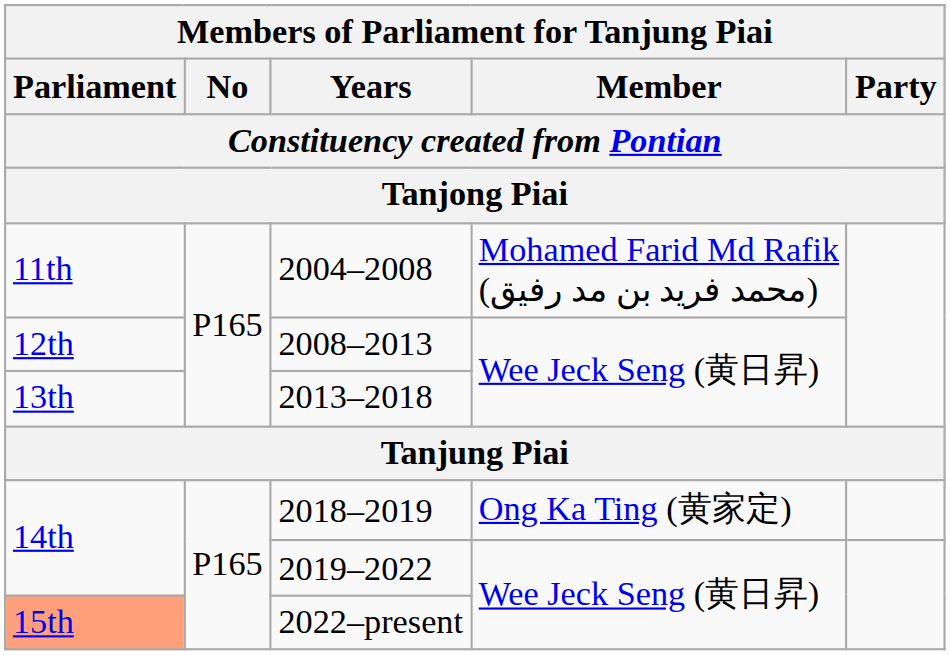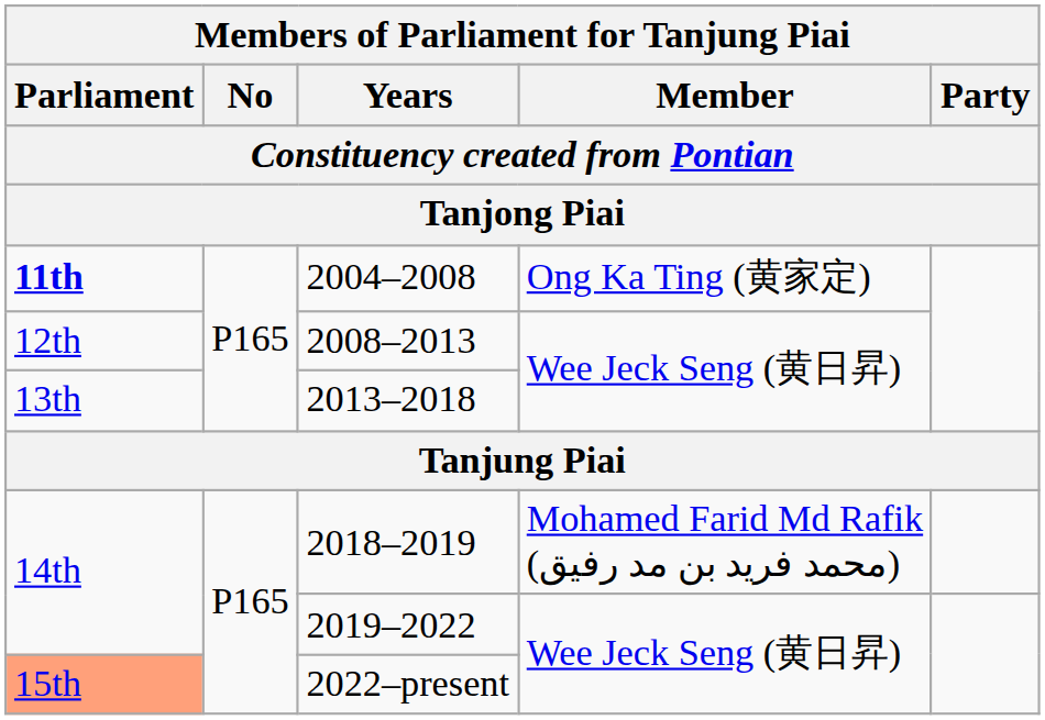 <table class=wikitable>
 <tr>
 <th colspan="5">Members of Parliament for Tanjung Piai</th>
 </tr>
 <tr>
 <th>Parliament</th>
 <th>No</th>
 <th>Years</th>
 <th>Member</th>
 <th>Party</th>
 </tr>
 <tr>
 <th colspan="5" align="center"><em>Constituency created from <a href='#'>Pontian</a></em></th>
 </tr>
 <tr>
 <th colspan="5" align="center">Tanjong Piai</th>
 </tr>
 <tr>
-<td><a href='#'>11th</a></td>
+<td><strong><a href='#'>11th</a></strong></td>
 <td rowspan="3">P165</td>
 <td>2004–2008</td>
-<td><a href='#'>Mohamed Farid Md Rafik</a> <br> (محمد فريد بن مد رفيق)</td>
+<td><a href='#'>Ong Ka Ting</a> (黄家定)</td>
 <td rowspan="3"></td>
 </tr>
 <tr>
 <td><a href='#'>12th</a></td>
 <td>2008–2013</td>
 <td rowspan=2><a href='#'>Wee Jeck Seng</a>   (黄日昇)</td>
 </tr>
 <tr>
 <td><a href='#'>13th</a></td>
 <td>2013–2018</td>
 </tr>
 <tr>
 <th colspan="5" align="center">Tanjung Piai</th>
 </tr>
 <tr>
 <td rowspan="2"><a href='#'>14th</a></td>
 <td rowspan="3">P165</td>
 <td>2018–2019</td>
-<td><a href='#'>Ong Ka Ting</a> (黄家定)</td>
+<td><a href='#'>Mohamed Farid Md Rafik</a> <br> (محمد فريد بن مد رفيق)</td>
 <td></td>
 </tr>
 <tr>
 <td>2019–2022</td>
 <td rowspan="2"><a href='#'>Wee Jeck Seng</a> (黄日昇)</td>
 <td rowspan="2"></td>
 </tr>
 <tr>
 <td style="background: lightsalmon;"><a href='#'>15th</a></td>
 <td>2022–present</td>
 </tr>
 </table>
